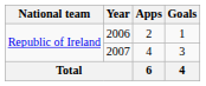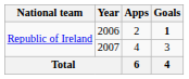 <table class="wikitable" style="text-align:center">
 <tr>
 <th>National team</th>
 <th>Year</th>
 <th>Apps</th>
 <th>Goals</th>
 </tr>
 <tr>
 <td rowspan="2"><a href='#'>Republic of Ireland</a></td>
 <td>2006</td>
 <td>2</td>
-<td>1</td>
+<td><strong>1</strong></td>
 </tr>
 <tr>
 <td>2007</td>
 <td>4</td>
 <td>3</td>
 </tr>
 <tr>
 <th colspan="2">Total</th>
 <th>6</th>
 <th>4</th>
 </tr>
 </table>
